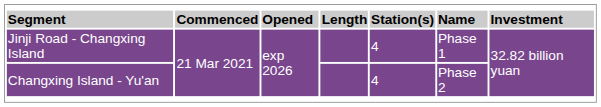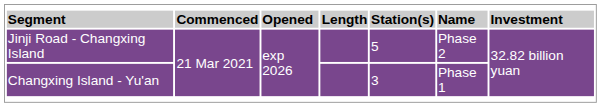 <table border=0 style="border:1px solid #999;background-color:white;text-align:left;font-size:90%" class="mw-collapsible">
 <tr>
 <th colspan="7" style="text-align: center"></th>
 </tr>
 <tr bgcolor=#cccccc>
 <th>Segment</th>
 <th>Commenced</th>
 <th>Opened</th>
 <th>Length</th>
 <th>Station(s)</th>
 <th>Name</th>
 <th>Investment</th>
 </tr>
 <tr bgcolor=#79468d>
 <td style="text-align: left; color: white;">Jinji Road - Changxing Island</td>
 <td rowspan=2 style="color: white;">21 Mar 2021</td>
 <td rowspan=2 style="color: white;">exp 2026</td>
 <td style="color: white;"></td>
-<td style="color: white;">4</td>
-<td style="text-align: left; color: white">Phase 1</td>
+<td style="color: white;">5</td>
+<td style="text-align: left; color: white">Phase 2</td>
 <td rowspan=2 style="color: white;">32.82 billion yuan</td>
 </tr>
 <tr bgcolor=#79468d>
 <td style="text-align: left; color: white">Changxing Island - Yu'an</td>
 <td style="color: white;"></td>
-<td style="color: white;">4</td>
-<td style="text-align: left; color: white">Phase 2</td>
+<td style="color: white;">3</td>
+<td style="text-align: left; color: white">Phase 1</td>
 </tr>
 <tr style="background:#">
 <td colspan = "7"></td>
 </tr>
 </table>
